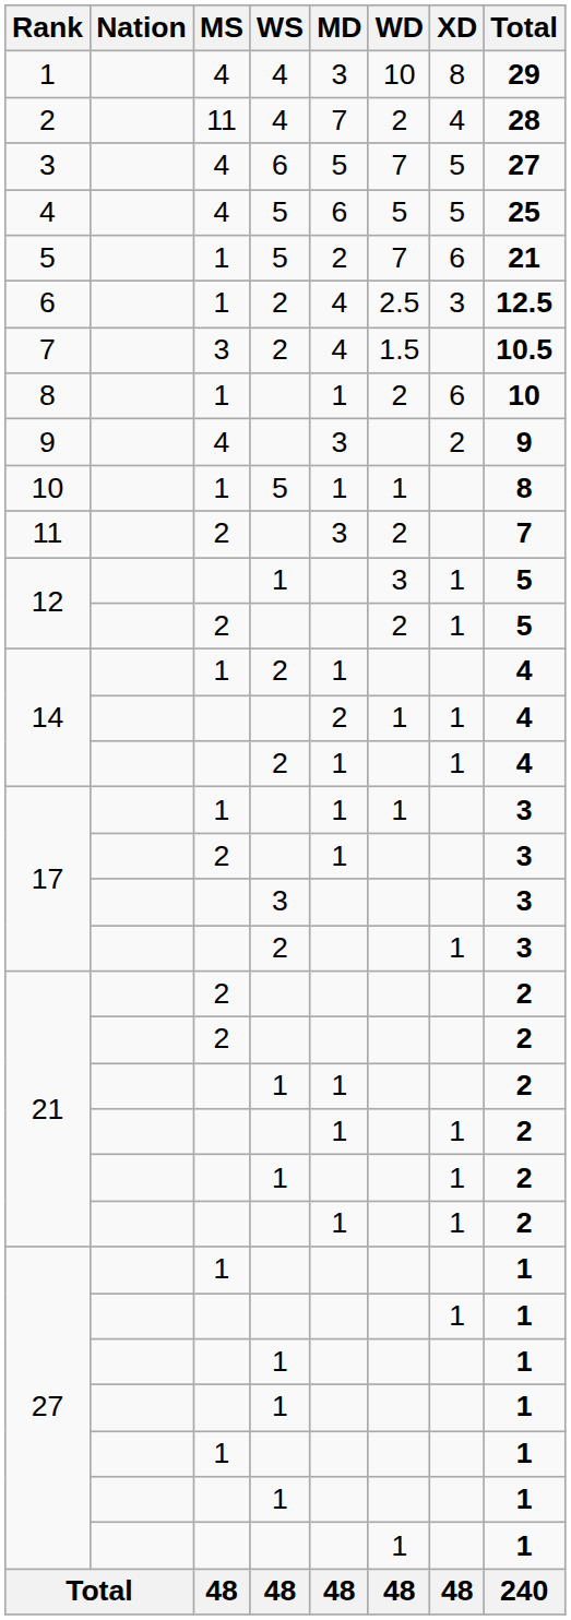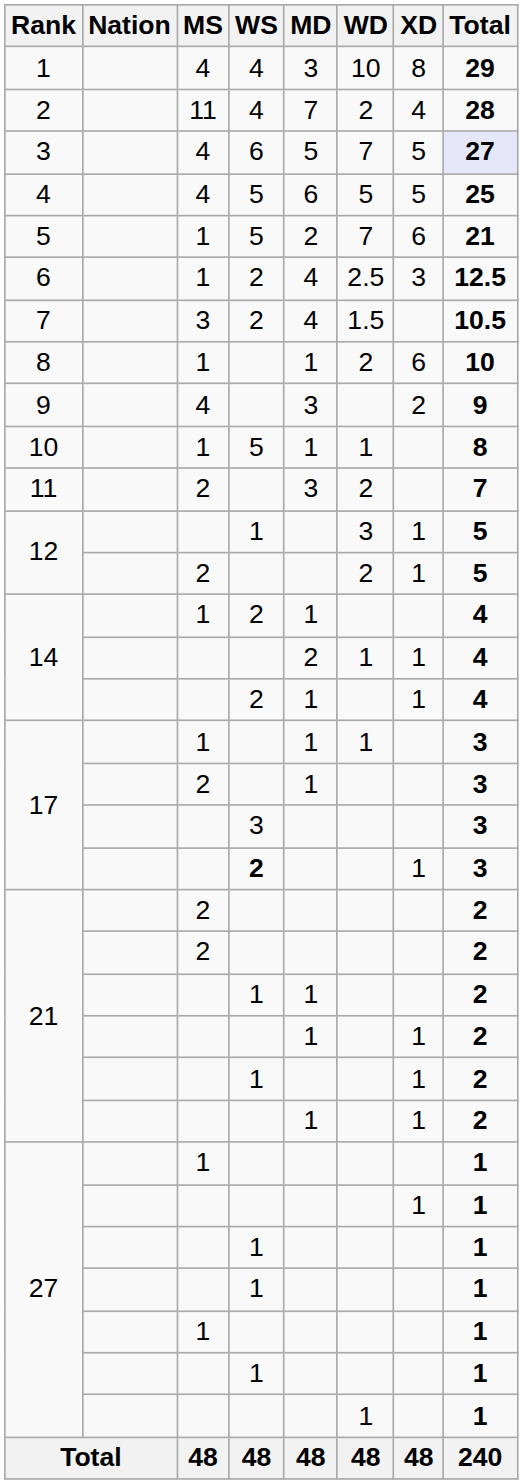 <table class="wikitable" style="text-align:center">
 <tr>
 <th width="20">Rank</th>
 <th>Nation</th>
 <th width="20">MS</th>
 <th width="20">WS</th>
 <th width="20">MD</th>
 <th width="20">WD</th>
 <th width="20">XD</th>
 <th>Total</th>
 </tr>
 <tr>
 <td>1</td>
 <td align=left><em></em><br></td>
 <td>4</td>
 <td>4</td>
 <td>3</td>
 <td>10</td>
 <td>8</td>
 <td><strong>29</strong></td>
 </tr>
 <tr>
 <td>2</td>
 <td align=left></td>
 <td>11</td>
 <td>4</td>
 <td>7</td>
 <td>2</td>
 <td>4</td>
 <td><strong>28</strong></td>
 </tr>
 <tr>
 <td>3</td>
 <td align=left></td>
 <td>4</td>
 <td>6</td>
 <td>5</td>
 <td>7</td>
 <td>5</td>
-<td><strong>27</strong></td>
+<td style="background: lavender;"><strong>27</strong></td>
 </tr>
 <tr>
 <td>4</td>
 <td align=left></td>
 <td>4</td>
 <td>5</td>
 <td>6</td>
 <td>5</td>
 <td>5</td>
 <td><strong>25</strong></td>
 </tr>
 <tr>
 <td>5</td>
 <td align=left><em></em></td>
 <td>1</td>
 <td>5</td>
 <td>2</td>
 <td>7</td>
 <td>6</td>
 <td><strong>21</strong></td>
 </tr>
 <tr>
 <td>6</td>
 <td align=left></td>
 <td>1</td>
 <td>2</td>
 <td>4</td>
 <td>2.5</td>
 <td>3</td>
 <td><strong>12.5</strong></td>
 </tr>
 <tr>
 <td>7</td>
 <td align=left><em></em><br></td>
 <td>3</td>
 <td>2</td>
 <td>4</td>
 <td>1.5</td>
 <td></td>
 <td><strong>10.5</strong></td>
 </tr>
 <tr>
 <td>8</td>
 <td align=left></td>
 <td>1</td>
 <td></td>
 <td>1</td>
 <td>2</td>
 <td>6</td>
 <td><strong>10</strong></td>
 </tr>
 <tr>
 <td>9</td>
 <td align=left></td>
 <td>4</td>
 <td></td>
 <td>3</td>
 <td></td>
 <td>2</td>
 <td><strong>9</strong></td>
 </tr>
 <tr>
 <td>10</td>
 <td align=left></td>
 <td>1</td>
 <td>5</td>
 <td>1</td>
 <td>1</td>
 <td></td>
 <td><strong>8</strong></td>
 </tr>
 <tr>
 <td>11</td>
 <td align=left></td>
 <td>2</td>
 <td></td>
 <td>3</td>
 <td>2</td>
 <td></td>
 <td><strong>7</strong></td>
 </tr>
 <tr>
 <td rowspan=2>12</td>
 <td align=left></td>
 <td></td>
 <td>1</td>
 <td></td>
 <td>3</td>
 <td>1</td>
 <td><strong>5</strong></td>
 </tr>
 <tr>
 <td align=left></td>
 <td>2</td>
 <td></td>
 <td></td>
 <td>2</td>
 <td>1</td>
 <td><strong>5</strong></td>
 </tr>
 <tr>
 <td rowspan="3">14</td>
 <td align=left></td>
 <td>1</td>
 <td>2</td>
 <td>1</td>
 <td></td>
 <td></td>
 <td><strong>4</strong></td>
 </tr>
 <tr>
 <td align=left></td>
 <td></td>
 <td></td>
 <td>2</td>
 <td>1</td>
 <td>1</td>
 <td><strong>4</strong></td>
 </tr>
 <tr>
 <td align=left></td>
 <td></td>
 <td>2</td>
 <td>1</td>
 <td></td>
 <td>1</td>
 <td><strong>4</strong></td>
 </tr>
 <tr>
 <td rowspan="4">17</td>
 <td align=left></td>
 <td>1</td>
 <td></td>
 <td>1</td>
 <td>1</td>
 <td></td>
 <td><strong>3</strong></td>
 </tr>
 <tr>
 <td align=left></td>
 <td>2</td>
 <td></td>
 <td>1</td>
 <td></td>
 <td></td>
 <td><strong>3</strong></td>
 </tr>
 <tr>
 <td align=left></td>
 <td></td>
 <td>3</td>
 <td></td>
 <td></td>
 <td></td>
 <td><strong>3</strong></td>
 </tr>
 <tr>
 <td align=left></td>
 <td></td>
-<td>2</td>
+<td><strong>2</strong></td>
 <td></td>
 <td></td>
 <td>1</td>
 <td><strong>3</strong></td>
 </tr>
 <tr>
 <td rowspan="6">21</td>
 <td align=left><em></em></td>
 <td>2</td>
 <td></td>
 <td></td>
 <td></td>
 <td></td>
 <td><strong>2</strong></td>
 </tr>
 <tr>
 <td align=left></td>
 <td>2</td>
 <td></td>
 <td></td>
 <td></td>
 <td></td>
 <td><strong>2</strong></td>
 </tr>
 <tr>
 <td align=left></td>
 <td></td>
 <td>1</td>
 <td>1</td>
 <td></td>
 <td></td>
 <td><strong>2</strong></td>
 </tr>
 <tr>
 <td align=left></td>
 <td></td>
 <td></td>
 <td>1</td>
 <td></td>
 <td>1</td>
 <td><strong>2</strong></td>
 </tr>
 <tr>
 <td align=left></td>
 <td></td>
 <td>1</td>
 <td></td>
 <td></td>
 <td>1</td>
 <td><strong>2</strong></td>
 </tr>
 <tr>
 <td align=left><em></em><br></td>
 <td></td>
 <td></td>
 <td>1</td>
 <td></td>
 <td>1</td>
 <td><strong>2</strong></td>
 </tr>
 <tr>
 <td rowspan="7">27</td>
 <td align=left></td>
 <td>1</td>
 <td></td>
 <td></td>
 <td></td>
 <td></td>
 <td><strong>1</strong></td>
 </tr>
 <tr>
 <td align=left></td>
 <td></td>
 <td></td>
 <td></td>
 <td></td>
 <td>1</td>
 <td><strong>1</strong></td>
 </tr>
 <tr>
 <td align=left></td>
 <td></td>
 <td>1</td>
 <td></td>
 <td></td>
 <td></td>
 <td><strong>1</strong></td>
 </tr>
 <tr>
 <td align=left></td>
 <td></td>
 <td>1</td>
 <td></td>
 <td></td>
 <td></td>
 <td><strong>1</strong></td>
 </tr>
 <tr>
 <td align=left></td>
 <td>1</td>
 <td></td>
 <td></td>
 <td></td>
 <td></td>
 <td><strong>1</strong></td>
 </tr>
 <tr>
 <td align=left></td>
 <td></td>
 <td>1</td>
 <td></td>
 <td></td>
 <td></td>
 <td><strong>1</strong></td>
 </tr>
 <tr>
 <td align=left></td>
 <td></td>
 <td></td>
 <td></td>
 <td>1</td>
 <td></td>
 <td><strong>1</strong></td>
 </tr>
 <tr>
 <th colspan=2>Total</th>
 <th>48</th>
 <th>48</th>
 <th>48</th>
 <th>48</th>
 <th>48</th>
 <th>240</th>
 </tr>
 </table>
